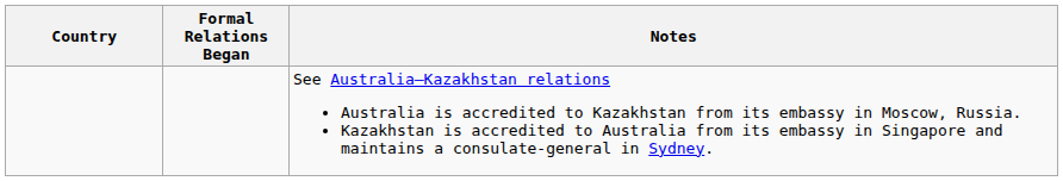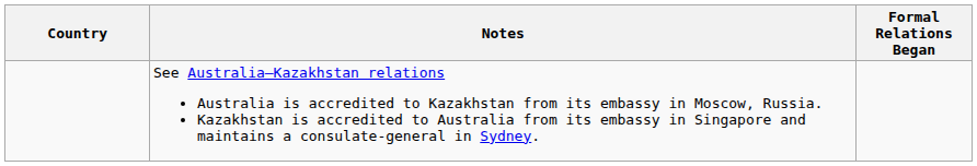 <table class="wikitable sortable" border="1" style="width:100%; margin:auto;">
 <tr>
 <th width="15%">Country</th>
+<th>Notes</th>
 <th width="12%">Formal Relations Began</th>
-<th>Notes</th>
 </tr>
 <tr -valign="top">
 <td></td>
+<td>See <a href='#'>Australia–Kazakhstan relations</a><br><ul><li>Australia is accredited to Kazakhstan from its embassy in Moscow, Russia.</li><li>Kazakhstan is accredited to Australia from its embassy in Singapore and maintains a consulate-general in <a href='#'>Sydney</a>.</li></ul></td>
 <td></td>
-<td>See <a href='#'>Australia–Kazakhstan relations</a><br><ul><li>Australia is accredited to Kazakhstan from its embassy in Moscow, Russia.</li><li>Kazakhstan is accredited to Australia from its embassy in Singapore and maintains a consulate-general in <a href='#'>Sydney</a>.</li></ul></td>
 </tr>
 </table>
